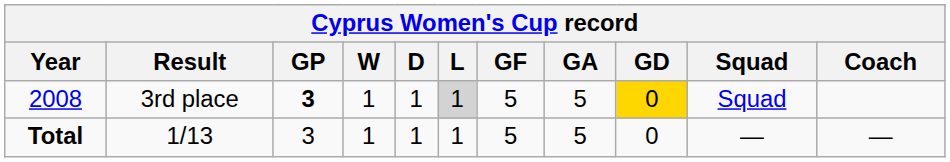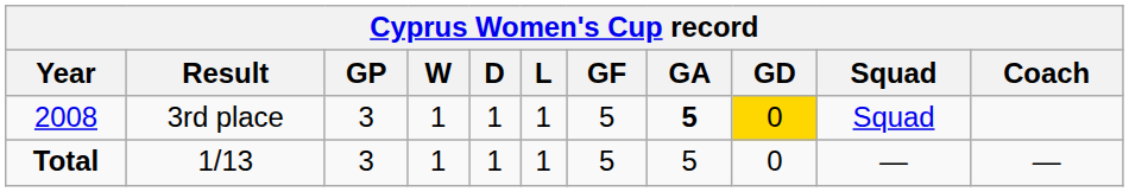 <table class="wikitable collapsible" style="text-align: center; width:50%;">
 <tr>
 <th colspan=11> <strong><a href='#'>Cyprus Women's Cup</a> record</strong></th>
 </tr>
 <tr>
 <th>Year</th>
 <th>Result</th>
 <th>GP</th>
 <th>W</th>
 <th>D</th>
 <th>L</th>
 <th>GF</th>
 <th>GA</th>
 <th>GD</th>
 <th>Squad</th>
 <th>Coach</th>
 </tr>
 <tr>
 <td><a href='#'>2008</a></td>
 <td>3rd place</td>
-<td><strong>3</strong></td>
+<td>3</td>
 <td>1</td>
 <td>1</td>
-<td style="background: lightgrey;">1</td>
+<td>1</td>
 <td>5</td>
-<td>5</td>
+<td><strong>5</strong></td>
 <td style="background: gold;">0</td>
 <td><a href='#'>Squad</a></td>
 <td></td>
 </tr>
 <tr>
 <td><strong>Total</strong></td>
 <td>1/13</td>
 <td>3</td>
 <td>1</td>
 <td>1</td>
 <td>1</td>
 <td>5</td>
 <td>5</td>
 <td>0</td>
 <td>—</td>
 <td>—</td>
 </tr>
 </table>
